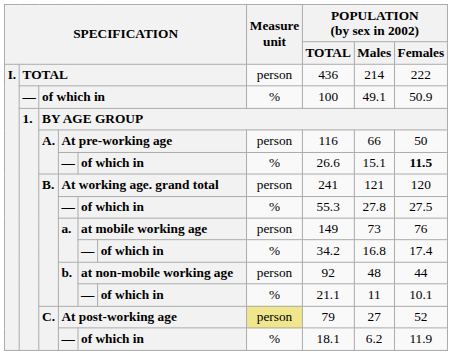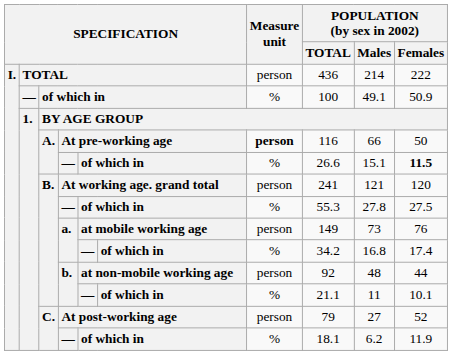 <table class="wikitable" style="font-size:85%; text-align:center">
 <tr>
 <th rowspan="2" colspan="6">SPECIFICATION</th>
 <th rowspan="2">Measure<br> unit</th>
 <th colspan="3" rowspan="1">POPULATION<br> (by sex in 2002)</th>
 </tr>
 <tr>
 <th>TOTAL</th>
 <th>Males</th>
 <th>Females</th>
 </tr>
 <tr>
 <th style="text-align:left" valign="top" rowspan="13">I.</th>
 <th style="text-align:left" colspan="5">TOTAL</th>
 <td>person</td>
 <td>436</td>
 <td>214</td>
 <td>222</td>
 </tr>
 <tr>
 <th style="text-align:left" valign="top">—</th>
 <th style="text-align:left" colspan="4">of which in</th>
 <td>%</td>
 <td>100</td>
 <td>49.1</td>
 <td>50.9</td>
 </tr>
 <tr>
 <th style="text-align:left" valign="top" rowspan="11">1.</th>
 <th style="text-align:left" colspan="19">BY AGE GROUP</th>
 </tr>
 <tr>
 <th style="text-align:left" valign="top" rowspan="2">A.</th>
 <th style="text-align:left" colspan="3">At pre-working age</th>
-<td>person</td>
+<td><strong>person</strong></td>
 <td>116</td>
 <td>66</td>
 <td>50</td>
 </tr>
 <tr>
 <th style="text-align:left" valign="top">—</th>
 <th style="text-align:left" valign="top" colspan="2">of which in</th>
 <td>%</td>
 <td>26.6</td>
 <td>15.1</td>
 <td><strong>11.5</strong></td>
 </tr>
 <tr>
 <th style="text-align:left" valign="top" rowspan="6">B.</th>
 <th style="text-align:left" colspan="3">At working age. grand total</th>
 <td>person</td>
 <td>241</td>
 <td>121</td>
 <td>120</td>
 </tr>
 <tr>
 <th style="text-align:left" valign="top">—</th>
 <th style="text-align:left" valign="top" colspan="2">of which in</th>
 <td>%</td>
 <td>55.3</td>
 <td>27.8</td>
 <td>27.5</td>
 </tr>
 <tr>
 <th style="text-align:left" valign="top" rowspan="2">a.</th>
 <th style="text-align:left" colspan="2">at mobile working age</th>
 <td>person</td>
 <td>149</td>
 <td>73</td>
 <td>76</td>
 </tr>
 <tr>
 <th style="text-align:left" valign="top">—</th>
 <th style="text-align:left" valign="top" colspan="1">of which in                        </th>
 <td>%</td>
 <td>34.2</td>
 <td>16.8</td>
 <td>17.4</td>
 </tr>
 <tr>
 <th style="text-align:left" valign="top" rowspan="2">b.</th>
 <th style="text-align:left" colspan="2">at non-mobile working age</th>
 <td>person</td>
 <td>92</td>
 <td>48</td>
 <td>44</td>
 </tr>
 <tr>
 <th style="text-align:left" valign="top">—</th>
 <th style="text-align:left" valign="top" colspan="1">of which in                        </th>
 <td>%</td>
 <td>21.1</td>
 <td>11</td>
 <td>10.1</td>
 </tr>
 <tr>
 <th style="text-align:left" valign="top" rowspan="2">C.</th>
 <th style="text-align:left" colspan="3">At post-working age</th>
-<td style="background: khaki;">person</td>
+<td>person</td>
 <td>79</td>
 <td>27</td>
 <td>52</td>
 </tr>
 <tr>
 <th style="text-align:left" valign="top">—</th>
 <th style="text-align:left" valign="top" colspan="2">of which in</th>
 <td>%</td>
 <td>18.1</td>
 <td>6.2</td>
 <td>11.9</td>
 </tr>
 </table>
